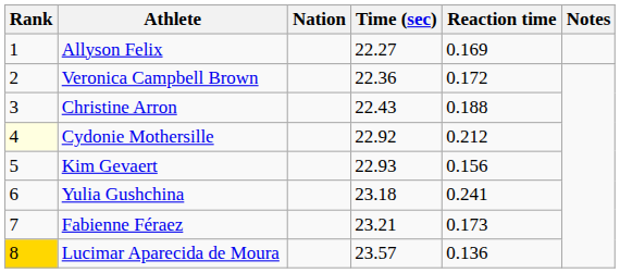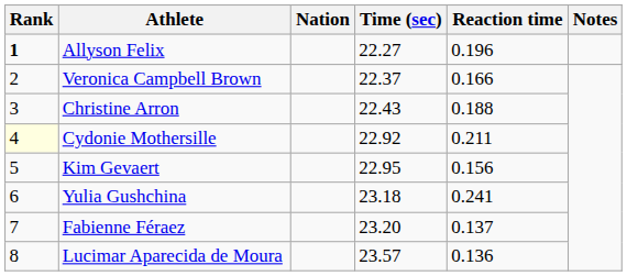 <table class="wikitable" style="text=align:center;" width=85%>
 <tr>
 <th>Rank</th>
 <th>Athlete</th>
 <th>Nation</th>
 <th>Time (<a href='#'>sec</a>)</th>
 <th>Reaction time</th>
 <th>Notes</th>
 </tr>
 <tr>
-<td>1</td>
+<td><strong>1</strong></td>
 <td><a href='#'>Allyson Felix</a></td>
 <td></td>
 <td>22.27</td>
-<td>0.169</td>
+<td>0.196</td>
 <td></td>
 </tr>
 <tr>
 <td>2</td>
 <td><a href='#'>Veronica Campbell Brown</a></td>
 <td></td>
-<td>22.36</td>
-<td>0.172</td>
+<td>22.37</td>
+<td>0.166</td>
 </tr>
 <tr>
 <td>3</td>
 <td><a href='#'>Christine Arron</a></td>
 <td></td>
 <td>22.43</td>
 <td>0.188</td>
 </tr>
 <tr>
 <td style="background: lightyellow;">4</td>
 <td><a href='#'>Cydonie Mothersille</a></td>
 <td></td>
 <td>22.92</td>
-<td>0.212</td>
+<td>0.211</td>
 </tr>
 <tr>
 <td>5</td>
 <td><a href='#'>Kim Gevaert</a></td>
 <td></td>
-<td>22.93</td>
+<td>22.95</td>
 <td>0.156</td>
 </tr>
 <tr>
 <td>6</td>
 <td><a href='#'>Yulia Gushchina</a></td>
 <td></td>
 <td>23.18</td>
 <td>0.241</td>
 </tr>
 <tr>
 <td>7</td>
 <td><a href='#'>Fabienne Féraez</a></td>
 <td></td>
-<td>23.21</td>
-<td>0.173</td>
+<td>23.20</td>
+<td>0.137</td>
 </tr>
 <tr>
-<td style="background: gold;">8</td>
+<td>8</td>
 <td><a href='#'>Lucimar Aparecida de Moura</a></td>
 <td></td>
 <td>23.57</td>
 <td>0.136</td>
 </tr>
 </table>
